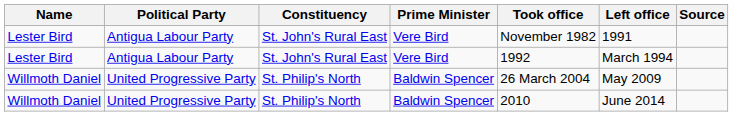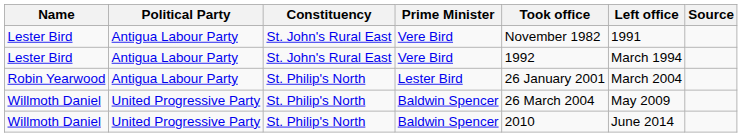 <table class="wikitable">
 <tr>
 <th>Name</th>
 <th>Political Party</th>
 <th>Constituency</th>
 <th>Prime Minister</th>
 <th>Took office</th>
 <th>Left office</th>
 <th>Source</th>
 </tr>
 <tr>
 <td><a href='#'>Lester Bird</a></td>
 <td><a href='#'>Antigua Labour Party</a></td>
 <td><a href='#'>St. John's Rural East</a></td>
 <td><a href='#'>Vere Bird</a></td>
 <td>November 1982</td>
 <td>1991</td>
 <td></td>
 </tr>
 <tr>
 <td><a href='#'>Lester Bird</a></td>
 <td><a href='#'>Antigua Labour Party</a></td>
 <td><a href='#'>St. John's Rural East</a></td>
 <td><a href='#'>Vere Bird</a></td>
 <td>1992</td>
 <td>March 1994</td>
 </tr>
 <tr>
+<td><a href='#'>Robin Yearwood</a></td>
+<td><a href='#'>Antigua Labour Party</a></td>
+<td><a href='#'>St. Philip's North</a></td>
+<td><a href='#'>Lester Bird</a></td>
+<td>26 January 2001</td>
+<td>March 2004</td>
+<td></td>
+</tr>
+<tr>
 <td><a href='#'>Willmoth Daniel</a></td>
 <td><a href='#'>United Progressive Party</a></td>
 <td><a href='#'>St. Philip's North</a></td>
 <td><a href='#'>Baldwin Spencer</a></td>
 <td>26 March 2004</td>
 <td>May 2009</td>
 <td></td>
 </tr>
 <tr>
 <td><a href='#'>Willmoth Daniel</a></td>
 <td><a href='#'>United Progressive Party</a></td>
 <td><a href='#'>St. Philip's North</a></td>
 <td><a href='#'>Baldwin Spencer</a></td>
 <td>2010</td>
 <td>June 2014</td>
 </tr>
 </table>
